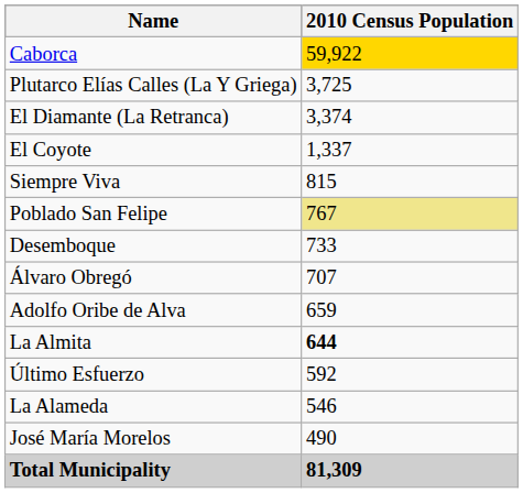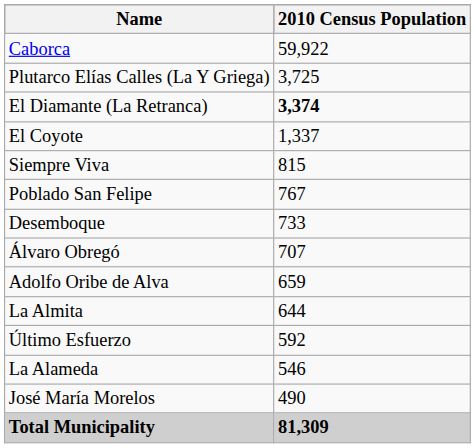 <table class="wikitable">
 <tr style="background:#000000; color:black;">
 <th><strong>Name</strong></th>
 <th><strong>2010 Census Population</strong></th>
 </tr>
 <tr>
 <td><a href='#'>Caborca </a></td>
-<td style="background: gold;">59,922</td>
+<td>59,922</td>
 </tr>
 <tr>
 <td>Plutarco Elías Calles (La Y Griega)</td>
 <td>3,725</td>
 </tr>
 <tr>
 <td>El Diamante (La Retranca)</td>
-<td>3,374</td>
+<td><strong>3,374</strong></td>
 </tr>
 <tr>
 <td>El Coyote</td>
 <td>1,337</td>
 </tr>
 <tr>
 <td>Siempre Viva</td>
 <td>815</td>
 </tr>
 <tr>
 <td>Poblado San Felipe</td>
-<td style="background: khaki;">767</td>
+<td>767</td>
 </tr>
 <tr>
 <td>Desemboque</td>
 <td>733</td>
 </tr>
 <tr>
 <td>Álvaro Obregó</td>
 <td>707</td>
 </tr>
 <tr>
 <td>Adolfo Oribe de Alva</td>
 <td>659</td>
 </tr>
 <tr>
 <td>La Almita</td>
-<td><strong>644</strong></td>
+<td>644</td>
 </tr>
 <tr>
 <td>Último Esfuerzo</td>
 <td>592</td>
 </tr>
 <tr>
 <td>La Alameda</td>
 <td>546</td>
 </tr>
 <tr>
 <td>José María Morelos</td>
 <td>490</td>
 </tr>
 <tr style="background:#CFCFCF;">
 <td><strong>Total Municipality</strong></td>
 <td><strong>81,309</strong></td>
 </tr>
 </table>
